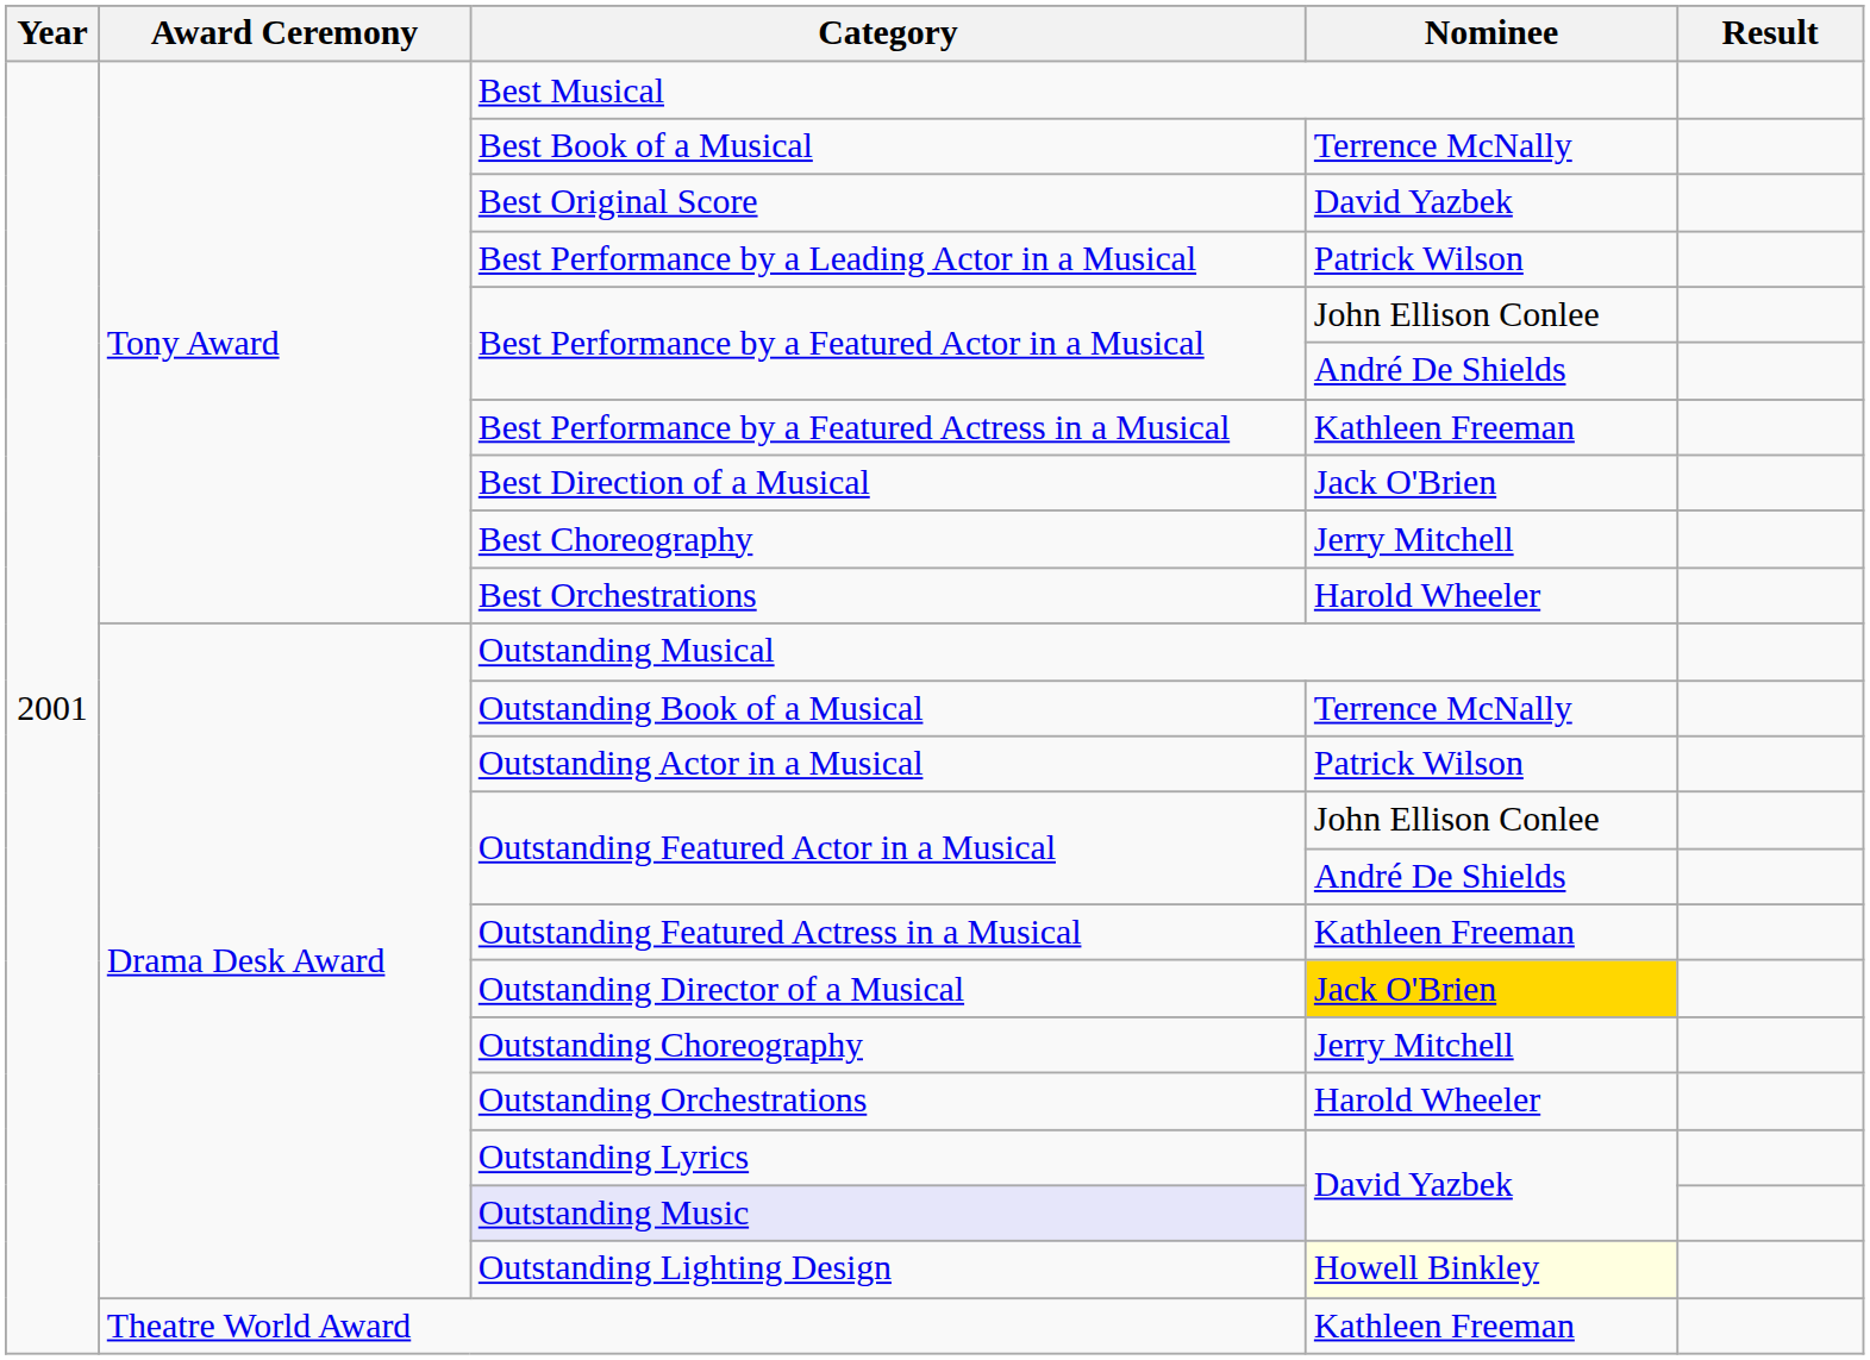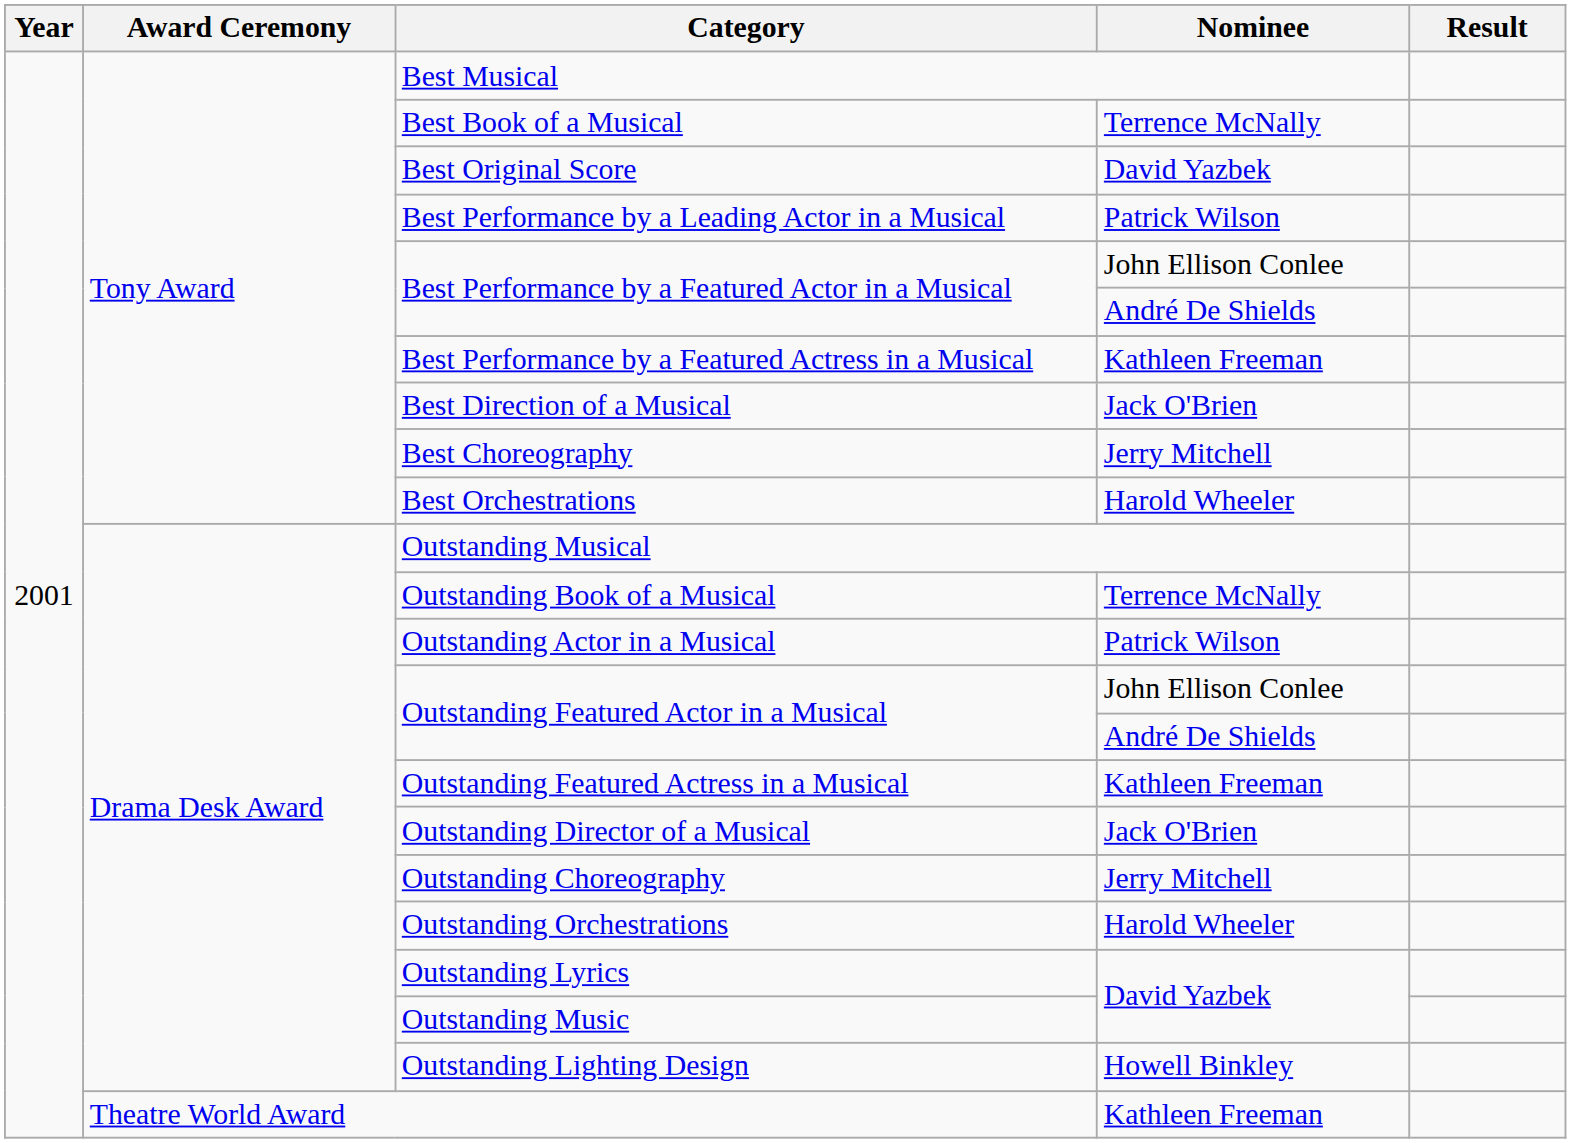 <table class="wikitable" width="95%">
 <tr>
 <th width="5%">Year</th>
 <th width="20%">Award Ceremony</th>
 <th width="45%">Category</th>
 <th width="20%">Nominee</th>
 <th width="10%">Result</th>
 </tr>
 <tr>
 <td rowspan="23" align="center">2001</td>
 <td rowspan="10"><a href='#'>Tony Award</a></td>
 <td colspan="2"><a href='#'>Best Musical</a></td>
 <td></td>
 </tr>
 <tr>
 <td><a href='#'>Best Book of a Musical</a></td>
 <td><a href='#'>Terrence McNally</a></td>
 <td></td>
 </tr>
 <tr>
 <td><a href='#'>Best Original Score</a></td>
 <td><a href='#'>David Yazbek</a></td>
 <td></td>
 </tr>
 <tr>
 <td><a href='#'>Best Performance by a Leading Actor in a Musical</a></td>
 <td><a href='#'>Patrick Wilson</a></td>
 <td></td>
 </tr>
 <tr>
 <td rowspan="2"><a href='#'>Best Performance by a Featured Actor in a Musical</a></td>
 <td>John Ellison Conlee</td>
 <td></td>
 </tr>
 <tr>
 <td><a href='#'>André De Shields</a></td>
 <td></td>
 </tr>
 <tr>
 <td><a href='#'>Best Performance by a Featured Actress in a Musical</a></td>
 <td><a href='#'>Kathleen Freeman</a></td>
 <td></td>
 </tr>
 <tr>
 <td><a href='#'>Best Direction of a Musical</a></td>
 <td><a href='#'>Jack O'Brien</a></td>
 <td></td>
 </tr>
 <tr>
 <td><a href='#'>Best Choreography</a></td>
 <td><a href='#'>Jerry Mitchell</a></td>
 <td></td>
 </tr>
 <tr>
 <td><a href='#'>Best Orchestrations</a></td>
 <td><a href='#'>Harold Wheeler</a></td>
 <td></td>
 </tr>
 <tr>
 <td rowspan="12"><a href='#'>Drama Desk Award</a></td>
 <td colspan="2"><a href='#'>Outstanding Musical</a></td>
 <td></td>
 </tr>
 <tr>
 <td><a href='#'>Outstanding Book of a Musical</a></td>
 <td><a href='#'>Terrence McNally</a></td>
 <td></td>
 </tr>
 <tr>
 <td><a href='#'>Outstanding Actor in a Musical</a></td>
 <td><a href='#'>Patrick Wilson</a></td>
 <td></td>
 </tr>
 <tr>
 <td rowspan="2"><a href='#'>Outstanding Featured Actor in a Musical</a></td>
 <td>John Ellison Conlee</td>
 <td></td>
 </tr>
 <tr>
 <td><a href='#'>André De Shields</a></td>
 <td></td>
 </tr>
 <tr>
 <td><a href='#'>Outstanding Featured Actress in a Musical</a></td>
 <td><a href='#'>Kathleen Freeman</a></td>
 <td></td>
 </tr>
 <tr>
 <td><a href='#'>Outstanding Director of a Musical</a></td>
-<td style="background: gold;"><a href='#'>Jack O'Brien</a></td>
+<td><a href='#'>Jack O'Brien</a></td>
 <td></td>
 </tr>
 <tr>
 <td><a href='#'>Outstanding Choreography</a></td>
 <td><a href='#'>Jerry Mitchell</a></td>
 <td></td>
 </tr>
 <tr>
 <td><a href='#'>Outstanding Orchestrations</a></td>
 <td><a href='#'>Harold Wheeler</a></td>
 <td></td>
 </tr>
 <tr>
 <td><a href='#'>Outstanding Lyrics</a></td>
 <td rowspan="2"><a href='#'>David Yazbek</a></td>
 <td></td>
 </tr>
 <tr>
-<td style="background: lavender;"><a href='#'>Outstanding Music</a></td>
+<td><a href='#'>Outstanding Music</a></td>
 <td></td>
 </tr>
 <tr>
 <td><a href='#'>Outstanding Lighting Design</a></td>
-<td style="background: lightyellow;"><a href='#'>Howell Binkley</a></td>
+<td><a href='#'>Howell Binkley</a></td>
 <td></td>
 </tr>
 <tr>
 <td colspan="2"><a href='#'>Theatre World Award</a></td>
 <td><a href='#'>Kathleen Freeman</a></td>
 <td></td>
 </tr>
 </table>
